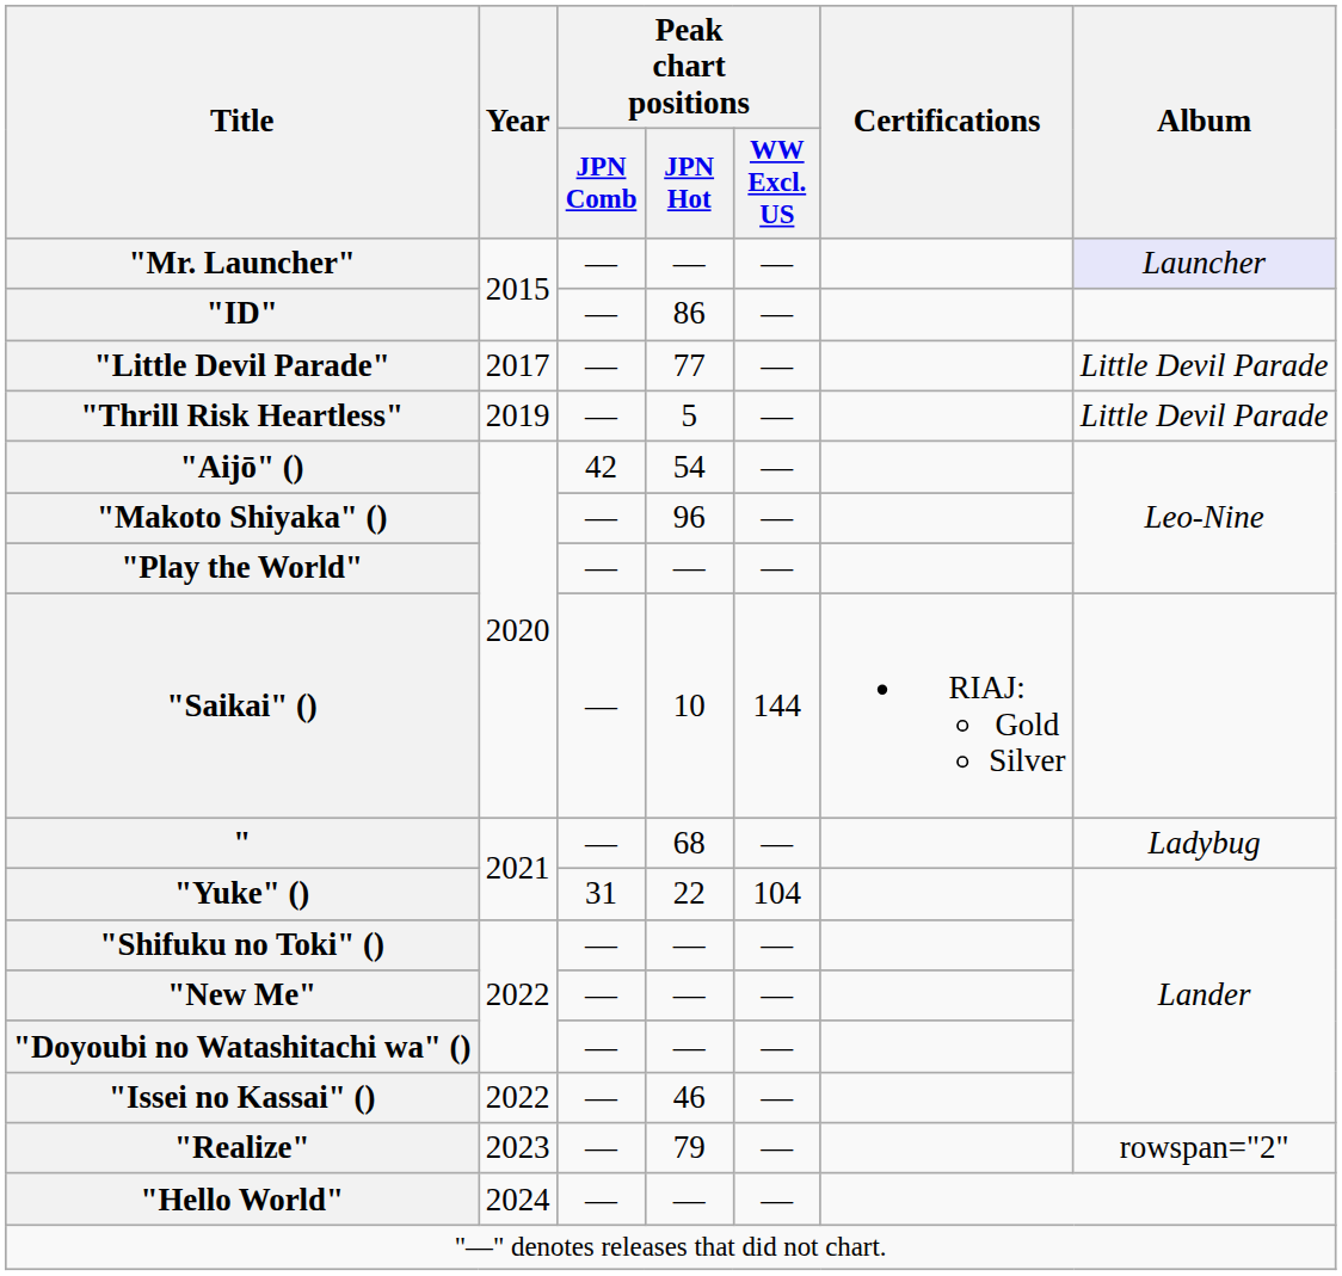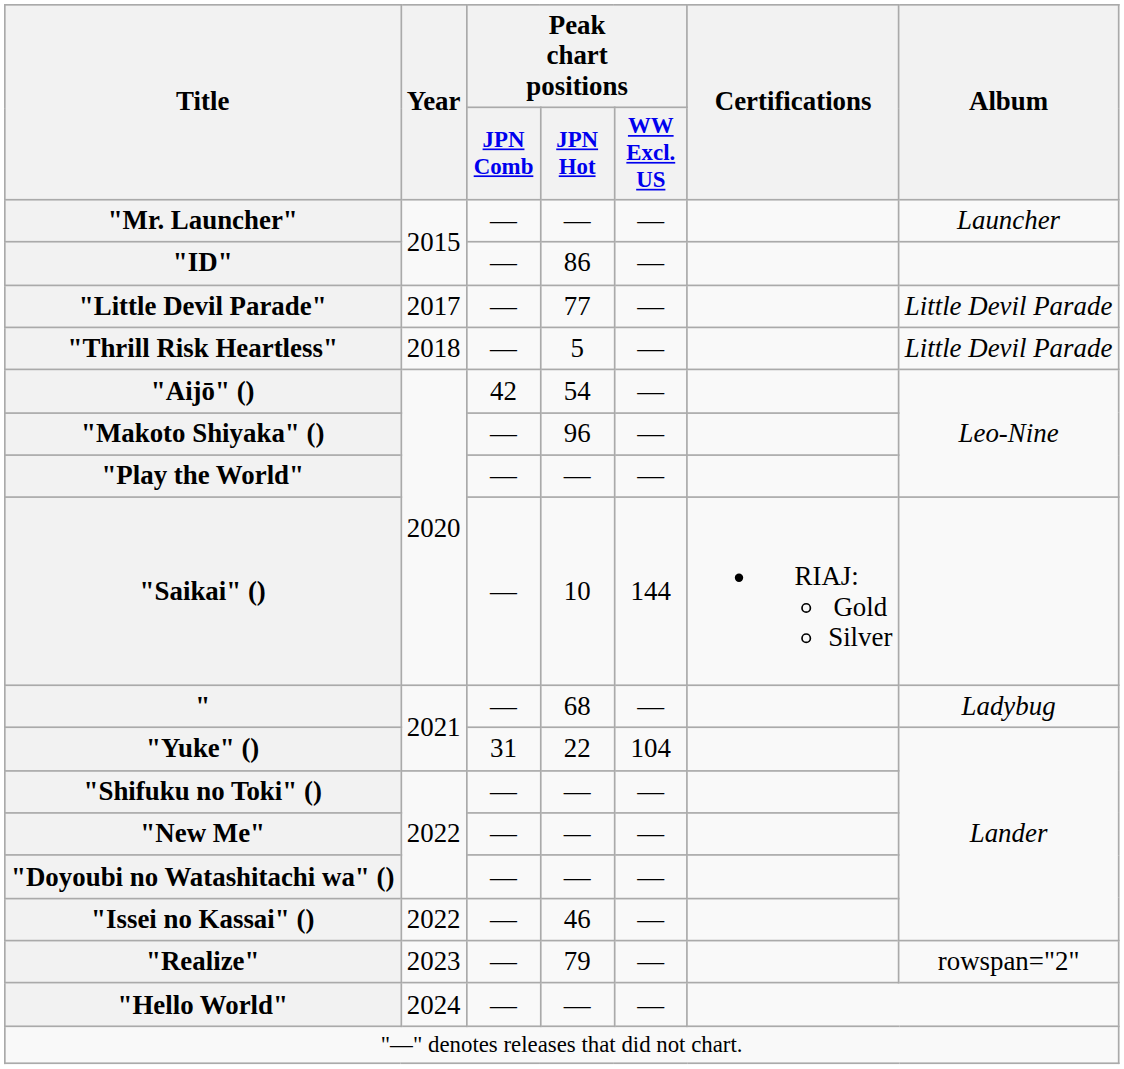 <table class="wikitable plainrowheaders" style="text-align:center;">
 <tr>
 <th scope="col" rowspan="2">Title</th>
 <th scope="col" rowspan="2">Year</th>
 <th scope="col" colspan="3">Peak<br>chart<br>positions</th>
 <th scope="col" rowspan="2">Certifications</th>
 <th scope="col" rowspan="2">Album</th>
 </tr>
 <tr>
 <th scope="col" style="width:2.75em;font-size:85%;"><a href='#'>JPN<br>Comb</a><br></th>
 <th scope="col" style="width:2.75em;font-size:85%;"><a href='#'>JPN<br>Hot</a><br></th>
 <th scope="col" style="width:2.75em;font-size:85%;"><a href='#'>WW<br>Excl.<br>US</a><br></th>
 </tr>
 <tr>
 <th scope="row">"Mr. Launcher"</th>
 <td rowspan="2">2015</td>
 <td>—</td>
 <td>—</td>
 <td>—</td>
 <td></td>
-<td style="background: lavender;"><em>Launcher</em></td>
+<td><em>Launcher</em></td>
 </tr>
 <tr>
 <th scope="row">"ID"</th>
 <td>—</td>
 <td>86</td>
 <td>—</td>
 <td></td>
 <td></td>
 </tr>
 <tr>
 <th scope="row">"Little Devil Parade"</th>
 <td>2017</td>
 <td>—</td>
 <td>77</td>
 <td>—</td>
 <td></td>
 <td><em>Little Devil Parade</em></td>
 </tr>
 <tr>
 <th scope="row">"Thrill Risk Heartless"</th>
-<td>2019</td>
+<td>2018</td>
 <td>—</td>
 <td>5</td>
 <td>—</td>
 <td></td>
 <td><em>Little Devil Parade</em></td>
 </tr>
 <tr>
 <th scope="row">"Aijō" ()</th>
 <td rowspan="4">2020</td>
 <td>42</td>
 <td>54</td>
 <td>—</td>
 <td></td>
 <td rowspan="3"><em>Leo-Nine</em></td>
 </tr>
 <tr>
 <th scope="row">"Makoto Shiyaka" ()</th>
 <td>—</td>
 <td>96</td>
 <td>—</td>
 <td></td>
 </tr>
 <tr>
 <th scope="row">"Play the World"</th>
 <td>—</td>
 <td>—</td>
 <td>—</td>
 <td></td>
 </tr>
 <tr>
 <th scope="row">"Saikai" ()<br></th>
 <td>—</td>
 <td>10</td>
 <td>144</td>
 <td><br><ul><li>RIAJ:<ul><li>Gold </li><li>Silver </li></ul></li></ul></td>
 <td></td>
 </tr>
 <tr>
 <th scope="row">"</th>
 <td rowspan="2">2021</td>
 <td>—</td>
 <td>68</td>
 <td>—</td>
 <td></td>
 <td><em>Ladybug</em></td>
 </tr>
 <tr>
 <th scope="row">"Yuke" ()</th>
 <td>31</td>
 <td>22</td>
 <td>104</td>
 <td></td>
 <td rowspan="5"><em>Lander</em></td>
 </tr>
 <tr>
 <th scope="row">"Shifuku no Toki" ()</th>
 <td rowspan="3">2022</td>
 <td>—</td>
 <td>—</td>
 <td>—</td>
 <td></td>
 </tr>
 <tr>
 <th scope="row">"New Me"</th>
 <td>—</td>
 <td>—</td>
 <td>—</td>
 <td></td>
 </tr>
 <tr>
 <th scope="row">"Doyoubi no Watashitachi wa" ()</th>
 <td>—</td>
 <td>—</td>
 <td>—</td>
 <td></td>
 </tr>
 <tr>
 <th scope="row">"Issei no Kassai" ()</th>
 <td>2022</td>
 <td>—</td>
 <td>46</td>
 <td>—</td>
 <td></td>
 </tr>
 <tr>
 <th scope="row">"Realize"</th>
 <td>2023</td>
 <td>—</td>
 <td>79</td>
 <td>—</td>
 <td></td>
 <td>rowspan="2" </td>
 </tr>
 <tr>
 <th scope="row">"Hello World"</th>
 <td>2024</td>
 <td>—</td>
 <td>—</td>
 <td>—</td>
 </tr>
 <tr>
 <td colspan="7" style="font-size: 85%">"—" denotes releases that did not chart.</td>
 </tr>
 </table>
